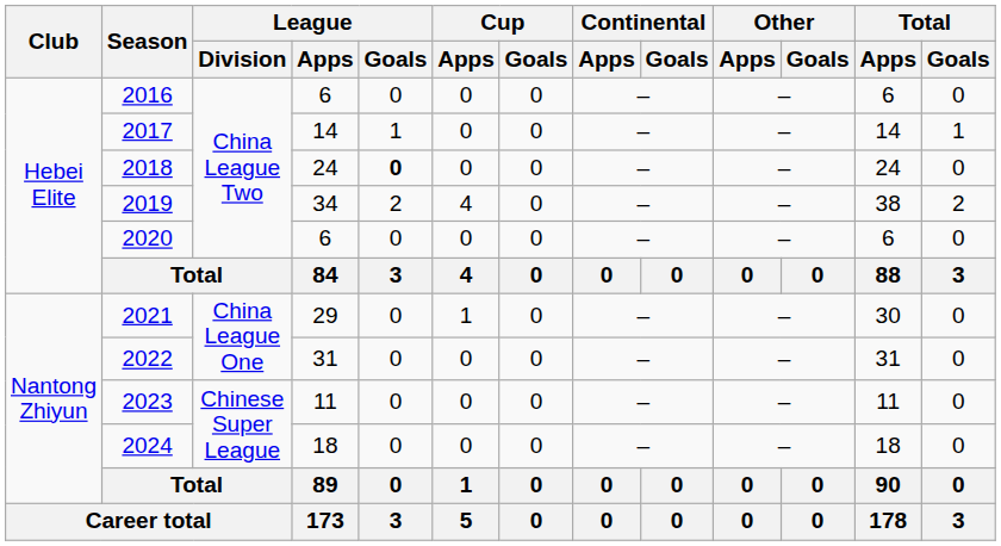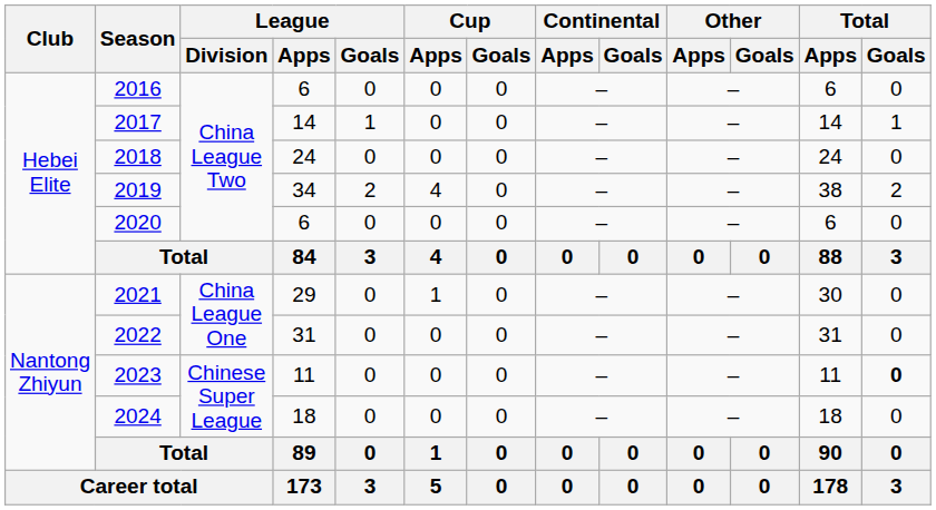 <table class="wikitable" style="text-align: center">
 <tr>
 <th rowspan="2">Club</th>
 <th rowspan="2">Season</th>
 <th colspan="3">League</th>
 <th colspan="2">Cup</th>
 <th colspan="2">Continental</th>
 <th colspan="2">Other</th>
 <th colspan="2">Total</th>
 </tr>
 <tr>
 <th>Division</th>
 <th>Apps</th>
 <th>Goals</th>
 <th>Apps</th>
 <th>Goals</th>
 <th>Apps</th>
 <th>Goals</th>
 <th>Apps</th>
 <th>Goals</th>
 <th>Apps</th>
 <th>Goals</th>
 </tr>
 <tr>
 <td rowspan="6"><a href='#'>Hebei Elite</a></td>
 <td><a href='#'>2016</a></td>
 <td rowspan="5"><a href='#'>China League Two</a></td>
 <td>6</td>
 <td>0</td>
 <td>0</td>
 <td>0</td>
 <td colspan="2">–</td>
 <td colspan="2">–</td>
 <td>6</td>
 <td>0</td>
 </tr>
 <tr>
 <td><a href='#'>2017</a></td>
 <td>14</td>
 <td>1</td>
 <td>0</td>
 <td>0</td>
 <td colspan="2">–</td>
 <td colspan="2">–</td>
 <td>14</td>
 <td>1</td>
 </tr>
 <tr>
 <td><a href='#'>2018</a></td>
 <td>24</td>
-<td><strong>0</strong></td>
+<td>0</td>
 <td>0</td>
 <td>0</td>
 <td colspan="2">–</td>
 <td colspan="2">–</td>
 <td>24</td>
 <td>0</td>
 </tr>
 <tr>
 <td><a href='#'>2019</a></td>
 <td>34</td>
 <td>2</td>
 <td>4</td>
 <td>0</td>
 <td colspan="2">–</td>
 <td colspan="2">–</td>
 <td>38</td>
 <td>2</td>
 </tr>
 <tr>
 <td><a href='#'>2020</a></td>
 <td>6</td>
 <td>0</td>
 <td>0</td>
 <td>0</td>
 <td colspan="2">–</td>
 <td colspan="2">–</td>
 <td>6</td>
 <td>0</td>
 </tr>
 <tr>
 <th colspan=2>Total</th>
 <th>84</th>
 <th>3</th>
 <th>4</th>
 <th>0</th>
 <th>0</th>
 <th>0</th>
 <th>0</th>
 <th>0</th>
 <th>88</th>
 <th>3</th>
 </tr>
 <tr>
 <td rowspan=5><a href='#'>Nantong Zhiyun</a></td>
 <td><a href='#'>2021</a></td>
 <td rowspan=2><a href='#'>China League One</a></td>
 <td>29</td>
 <td>0</td>
 <td>1</td>
 <td>0</td>
 <td colspan="2">–</td>
 <td colspan="2">–</td>
 <td>30</td>
 <td>0</td>
 </tr>
 <tr>
 <td><a href='#'>2022</a></td>
 <td>31</td>
 <td>0</td>
 <td>0</td>
 <td>0</td>
 <td colspan="2">–</td>
 <td colspan="2">–</td>
 <td>31</td>
 <td>0</td>
 </tr>
 <tr>
 <td><a href='#'>2023</a></td>
 <td rowspan=2><a href='#'>Chinese Super League</a></td>
 <td>11</td>
 <td>0</td>
 <td>0</td>
 <td>0</td>
 <td colspan="2">–</td>
 <td colspan="2">–</td>
 <td>11</td>
-<td>0</td>
+<td><strong>0</strong></td>
 </tr>
 <tr>
 <td><a href='#'>2024</a></td>
 <td>18</td>
 <td>0</td>
 <td>0</td>
 <td>0</td>
 <td colspan="2">–</td>
 <td colspan="2">–</td>
 <td>18</td>
 <td>0</td>
 </tr>
 <tr>
 <th colspan=2>Total</th>
 <th>89</th>
 <th>0</th>
 <th>1</th>
 <th>0</th>
 <th>0</th>
 <th>0</th>
 <th>0</th>
 <th>0</th>
 <th>90</th>
 <th>0</th>
 </tr>
 <tr>
 <th colspan=3>Career total</th>
 <th>173</th>
 <th>3</th>
 <th>5</th>
 <th>0</th>
 <th>0</th>
 <th>0</th>
 <th>0</th>
 <th>0</th>
 <th>178</th>
 <th>3</th>
 </tr>
 </table>
